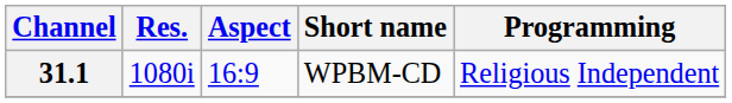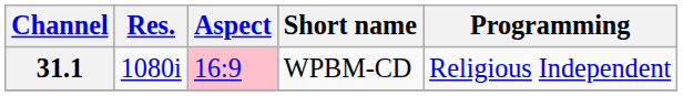 <table class="wikitable">
 <tr>
 <th scope = "col"><a href='#'>Channel</a></th>
 <th scope = "col"><a href='#'>Res.</a></th>
 <th scope = "col"><a href='#'>Aspect</a></th>
 <th scope = "col">Short name</th>
 <th scope = "col">Programming</th>
 </tr>
 <tr>
 <th scope = "row">31.1</th>
 <td><a href='#'>1080i</a></td>
-<td><a href='#'>16:9</a></td>
+<td style="background: pink;"><a href='#'>16:9</a></td>
 <td>WPBM-CD</td>
 <td><a href='#'>Religious</a> <a href='#'>Independent</a></td>
 </tr>
 <tr>
 </tr>
 </table>
